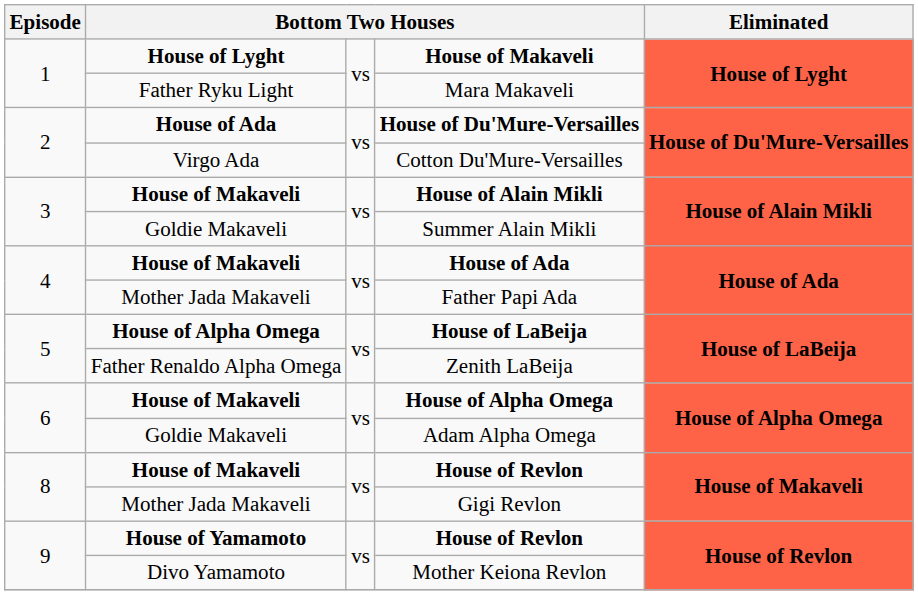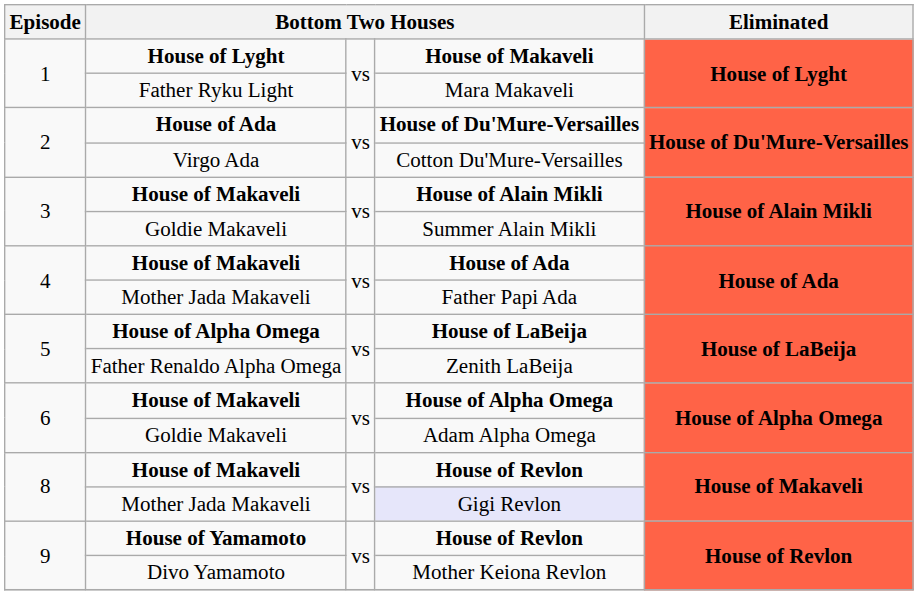 <table class="wikitable" border="2" style="text-align: center; font-size: 96%;">
 <tr>
 <th>Episode</th>
 <th colspan="3">Bottom Two Houses</th>
 <th>Eliminated</th>
 </tr>
 <tr>
 <td rowspan="2">1</td>
 <td><strong>House of Lyght</strong></td>
 <td rowspan="2">vs</td>
 <td><strong>House of Makaveli</strong></td>
 <td rowspan="2" bgcolor="tomato"><strong>House of Lyght</strong></td>
 </tr>
 <tr>
 <td>Father Ryku Light</td>
 <td>Mara Makaveli</td>
 </tr>
 <tr>
 <td rowspan="2">2</td>
 <td><strong>House of Ada</strong></td>
 <td rowspan="2">vs</td>
 <td><strong>House of Du'Mure-Versailles</strong></td>
 <td rowspan="2" bgcolor="tomato"><strong>House of Du'Mure-Versailles</strong></td>
 </tr>
 <tr>
 <td>Virgo Ada</td>
 <td>Cotton Du'Mure-Versailles</td>
 </tr>
 <tr>
 <td rowspan="2">3</td>
 <td><strong>House of Makaveli</strong></td>
 <td rowspan="2">vs</td>
 <td><strong>House of Alain Mikli</strong></td>
 <td rowspan="2" bgcolor="tomato"><strong>House of Alain Mikli</strong></td>
 </tr>
 <tr>
 <td>Goldie Makaveli</td>
 <td>Summer Alain Mikli</td>
 </tr>
 <tr>
 <td rowspan="2">4</td>
 <td><strong>House of Makaveli</strong></td>
 <td rowspan="2">vs</td>
 <td><strong>House of Ada</strong></td>
 <td rowspan="2" bgcolor="tomato"><strong>House of Ada</strong></td>
 </tr>
 <tr>
 <td>Mother Jada Makaveli</td>
 <td>Father Papi Ada</td>
 </tr>
 <tr>
 <td rowspan="2">5</td>
 <td><strong>House of Alpha Omega</strong></td>
 <td rowspan="2">vs</td>
 <td><strong>House of LaBeija</strong></td>
 <td rowspan="2" bgcolor="tomato"><strong>House of LaBeija</strong></td>
 </tr>
 <tr>
 <td>Father Renaldo Alpha Omega</td>
 <td>Zenith LaBeija</td>
 </tr>
 <tr>
 <td rowspan="2">6</td>
 <td><strong>House of Makaveli</strong></td>
 <td rowspan="2">vs</td>
 <td><strong>House of Alpha Omega</strong></td>
 <td rowspan="2" bgcolor="tomato"><strong>House of Alpha Omega</strong></td>
 </tr>
 <tr>
 <td>Goldie Makaveli</td>
 <td>Adam Alpha Omega</td>
 </tr>
 <tr>
 <td rowspan="2">8</td>
 <td><strong>House of Makaveli</strong></td>
 <td rowspan="2">vs</td>
 <td><strong>House of Revlon</strong></td>
 <td rowspan="2" bgcolor="tomato"><strong>House of Makaveli</strong></td>
 </tr>
 <tr>
 <td>Mother Jada Makaveli</td>
-<td>Gigi Revlon</td>
+<td style="background: lavender;">Gigi Revlon</td>
 </tr>
 <tr>
 <td rowspan="2">9</td>
 <td><strong>House of Yamamoto</strong></td>
 <td rowspan="2">vs</td>
 <td><strong>House of Revlon</strong></td>
 <td rowspan="2" bgcolor="tomato"><strong>House of Revlon</strong></td>
 </tr>
 <tr>
 <td>Divo Yamamoto</td>
 <td>Mother Keiona Revlon</td>
 </tr>
 <tr>
 </tr>
 </table>
